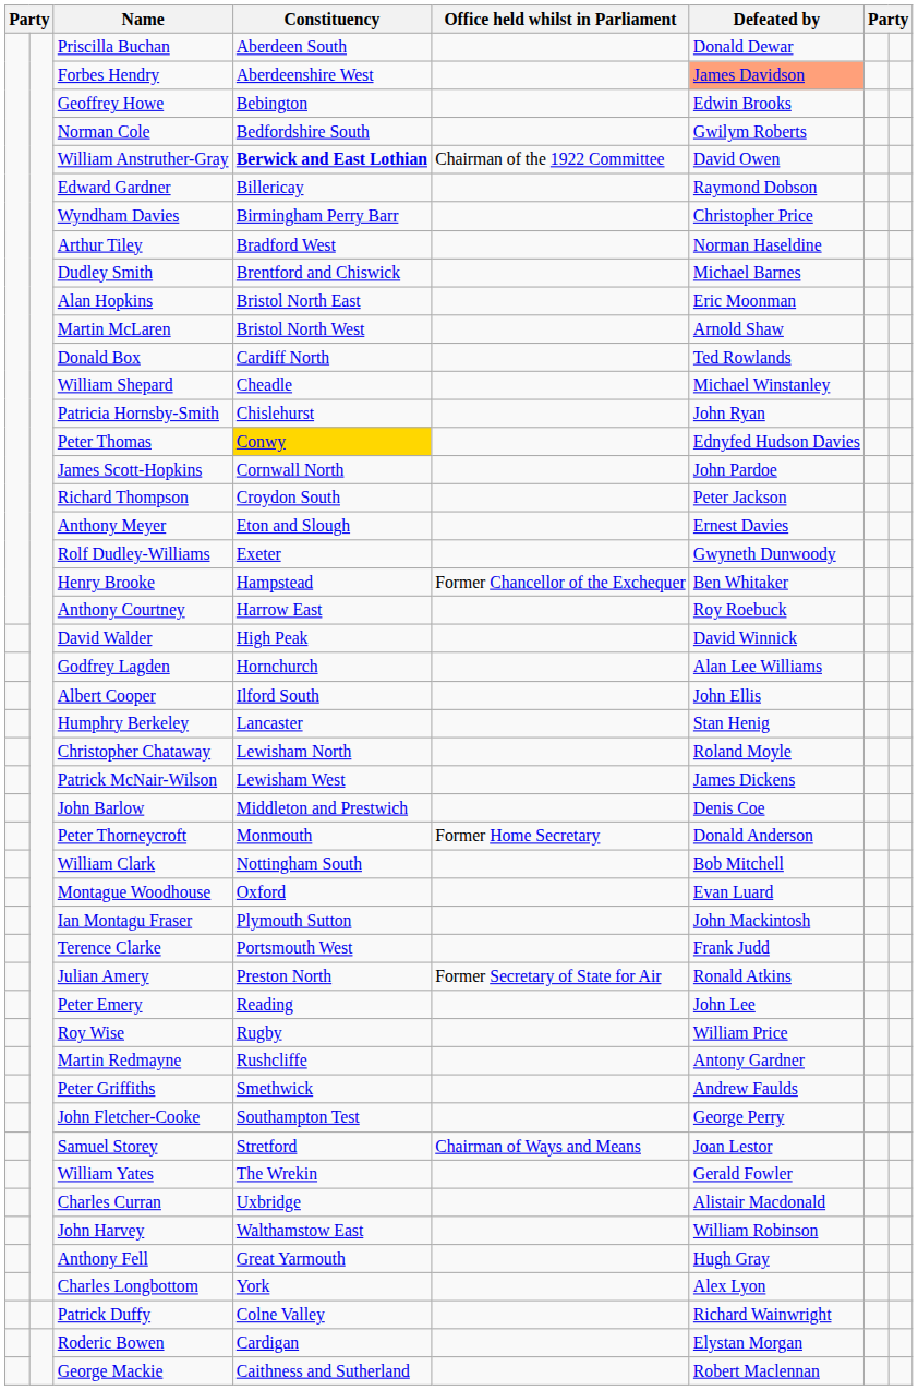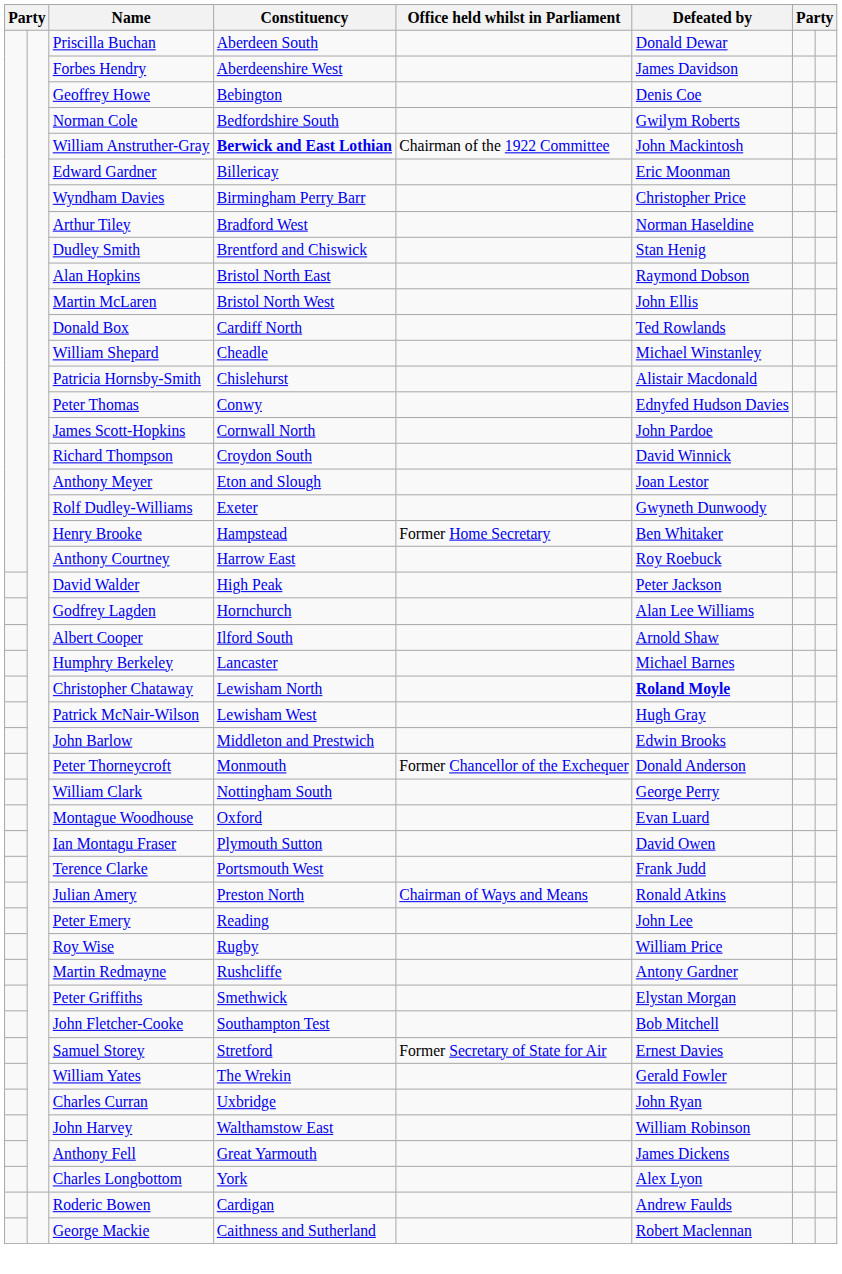 <table class="wikitable sortable" style="font-size: 95%;">
 <tr>
 <th colspan="2">Party</th>
 <th>Name</th>
 <th>Constituency</th>
 <th>Office held whilst in Parliament</th>
 <th>Defeated by</th>
 <th colspan="2">Party</th>
 </tr>
 <tr>
 <td rowspan="21" style="background-color: "></td>
 <td rowspan="45"></td>
 <td><a href='#'>Priscilla Buchan</a></td>
 <td><a href='#'>Aberdeen South</a></td>
 <td></td>
 <td><a href='#'>Donald Dewar</a></td>
 <td style="background-color: "></td>
 <td></td>
 </tr>
 <tr>
 <td><a href='#'>Forbes Hendry</a></td>
 <td><a href='#'>Aberdeenshire West</a></td>
 <td></td>
-<td style="background: lightsalmon;"><a href='#'>James Davidson</a></td>
+<td><a href='#'>James Davidson</a></td>
 <td style="background-color: "></td>
 <td></td>
 </tr>
 <tr>
 <td><a href='#'>Geoffrey Howe</a></td>
 <td><a href='#'>Bebington</a></td>
 <td></td>
-<td><a href='#'>Edwin Brooks</a></td>
+<td><a href='#'>Denis Coe</a></td>
 <td style="background-color: "></td>
 <td></td>
 </tr>
 <tr>
 <td><a href='#'>Norman Cole</a></td>
 <td><a href='#'>Bedfordshire South</a></td>
 <td></td>
 <td><a href='#'>Gwilym Roberts</a></td>
 <td style="background-color: "></td>
 <td></td>
 </tr>
 <tr>
 <td><a href='#'>William Anstruther-Gray</a></td>
 <td><strong><a href='#'>Berwick and East Lothian</a></strong></td>
 <td>Chairman of the <a href='#'>1922 Committee</a></td>
-<td><a href='#'>David Owen</a></td>
+<td><a href='#'>John Mackintosh</a></td>
 <td style="background-color: "></td>
 <td></td>
 </tr>
 <tr>
 <td><a href='#'>Edward Gardner</a></td>
 <td><a href='#'>Billericay</a></td>
 <td></td>
-<td><a href='#'>Raymond Dobson</a></td>
+<td><a href='#'>Eric Moonman</a></td>
 <td style="background-color: "></td>
 <td></td>
 </tr>
 <tr>
 <td><a href='#'>Wyndham Davies</a></td>
 <td><a href='#'>Birmingham Perry Barr</a></td>
 <td></td>
 <td><a href='#'>Christopher Price</a></td>
 <td style="background-color: "></td>
 <td></td>
 </tr>
 <tr>
 <td><a href='#'>Arthur Tiley</a></td>
 <td><a href='#'>Bradford West</a></td>
 <td></td>
 <td><a href='#'>Norman Haseldine</a></td>
 <td style="background-color: "></td>
 <td></td>
 </tr>
 <tr>
 <td><a href='#'>Dudley Smith</a></td>
 <td><a href='#'>Brentford and Chiswick</a></td>
 <td></td>
-<td><a href='#'>Michael Barnes</a></td>
+<td><a href='#'>Stan Henig</a></td>
 <td style="background-color: "></td>
 <td></td>
 </tr>
 <tr>
 <td><a href='#'>Alan Hopkins</a></td>
 <td><a href='#'>Bristol North East</a></td>
 <td></td>
-<td><a href='#'>Eric Moonman</a></td>
+<td><a href='#'>Raymond Dobson</a></td>
 <td style="background-color: "></td>
 <td></td>
 </tr>
 <tr>
 <td><a href='#'>Martin McLaren</a></td>
 <td><a href='#'>Bristol North West</a></td>
 <td></td>
-<td><a href='#'>Arnold Shaw</a></td>
+<td><a href='#'>John Ellis</a></td>
 <td style="background-color: "></td>
 <td></td>
 </tr>
 <tr>
 <td><a href='#'>Donald Box</a></td>
 <td><a href='#'>Cardiff North</a></td>
 <td></td>
 <td><a href='#'>Ted Rowlands</a></td>
 <td style="background-color: "></td>
 <td></td>
 </tr>
 <tr>
 <td><a href='#'>William Shepard</a></td>
 <td><a href='#'>Cheadle</a></td>
 <td></td>
 <td><a href='#'>Michael Winstanley</a></td>
 <td style="background-color: "></td>
 <td></td>
 </tr>
 <tr>
 <td><a href='#'>Patricia Hornsby-Smith</a></td>
 <td><a href='#'>Chislehurst</a></td>
 <td></td>
-<td><a href='#'>John Ryan</a></td>
+<td><a href='#'>Alistair Macdonald</a></td>
 <td style="background-color: "></td>
 <td></td>
 </tr>
 <tr>
 <td><a href='#'>Peter Thomas</a></td>
-<td style="background: gold;"><a href='#'>Conwy</a></td>
+<td><a href='#'>Conwy</a></td>
 <td></td>
 <td><a href='#'>Ednyfed Hudson Davies</a></td>
 <td style="background-color: "></td>
 <td></td>
 </tr>
 <tr>
 <td><a href='#'>James Scott-Hopkins</a></td>
 <td><a href='#'>Cornwall North</a></td>
 <td></td>
 <td><a href='#'>John Pardoe</a></td>
 <td style="background-color: "></td>
 <td></td>
 </tr>
 <tr>
 <td><a href='#'>Richard Thompson</a></td>
 <td><a href='#'>Croydon South</a></td>
 <td></td>
-<td><a href='#'>Peter Jackson</a></td>
+<td><a href='#'>David Winnick</a></td>
 <td style="background-color: "></td>
 <td></td>
 </tr>
 <tr>
 <td><a href='#'>Anthony Meyer</a></td>
 <td><a href='#'>Eton and Slough</a></td>
 <td></td>
-<td><a href='#'>Ernest Davies</a></td>
+<td><a href='#'>Joan Lestor</a></td>
 <td style="background-color: "></td>
 <td></td>
 </tr>
 <tr>
 <td><a href='#'>Rolf Dudley-Williams</a></td>
 <td><a href='#'>Exeter</a></td>
 <td></td>
 <td><a href='#'>Gwyneth Dunwoody</a></td>
 <td style="background-color: "></td>
 <td></td>
 </tr>
 <tr>
 <td><a href='#'>Henry Brooke</a></td>
 <td><a href='#'>Hampstead</a></td>
-<td>Former <a href='#'>Chancellor of the Exchequer</a></td>
+<td>Former <a href='#'>Home Secretary</a></td>
 <td><a href='#'>Ben Whitaker</a></td>
 <td style="background-color: "></td>
 <td></td>
 </tr>
 <tr>
 <td><a href='#'>Anthony Courtney</a></td>
 <td><a href='#'>Harrow East</a></td>
 <td></td>
 <td><a href='#'>Roy Roebuck</a></td>
 <td style="background-color: "></td>
 <td></td>
 </tr>
 <tr>
 <td style="background-color: "></td>
 <td><a href='#'>David Walder</a></td>
 <td><a href='#'>High Peak</a></td>
 <td></td>
-<td><a href='#'>David Winnick</a></td>
+<td><a href='#'>Peter Jackson</a></td>
 <td style="background-color: "></td>
 <td></td>
 </tr>
 <tr>
 <td style="background-color: "></td>
 <td><a href='#'>Godfrey Lagden</a></td>
 <td><a href='#'>Hornchurch</a></td>
 <td></td>
 <td><a href='#'>Alan Lee Williams</a></td>
 <td style="background-color: "></td>
 <td></td>
 </tr>
 <tr>
 <td style="background-color: "></td>
 <td><a href='#'>Albert Cooper</a></td>
 <td><a href='#'>Ilford South</a></td>
 <td></td>
-<td><a href='#'>John Ellis</a></td>
+<td><a href='#'>Arnold Shaw</a></td>
 <td style="background-color: "></td>
 <td></td>
 </tr>
 <tr>
 <td style="background-color: "></td>
 <td><a href='#'>Humphry Berkeley</a></td>
 <td><a href='#'>Lancaster</a></td>
 <td></td>
-<td><a href='#'>Stan Henig</a></td>
+<td><a href='#'>Michael Barnes</a></td>
 <td style="background-color: "></td>
 <td></td>
 </tr>
 <tr>
 <td style="background-color: "></td>
 <td><a href='#'>Christopher Chataway</a></td>
 <td><a href='#'>Lewisham North</a></td>
 <td></td>
-<td><a href='#'>Roland Moyle</a></td>
+<td><strong><a href='#'>Roland Moyle</a></strong></td>
 <td style="background-color: "></td>
 <td></td>
 </tr>
 <tr>
 <td style="background-color: "></td>
 <td><a href='#'>Patrick McNair-Wilson</a></td>
 <td><a href='#'>Lewisham West</a></td>
 <td></td>
-<td><a href='#'>James Dickens</a></td>
+<td><a href='#'>Hugh Gray</a></td>
 <td style="background-color: "></td>
 <td></td>
 </tr>
 <tr>
 <td style="background-color: "></td>
 <td><a href='#'>John Barlow</a></td>
 <td><a href='#'>Middleton and Prestwich</a></td>
 <td></td>
-<td><a href='#'>Denis Coe</a></td>
+<td><a href='#'>Edwin Brooks</a></td>
 <td style="background-color: "></td>
 <td></td>
 </tr>
 <tr>
 <td style="background-color: "></td>
 <td><a href='#'>Peter Thorneycroft</a></td>
 <td><a href='#'>Monmouth</a></td>
-<td>Former <a href='#'>Home Secretary</a></td>
+<td>Former <a href='#'>Chancellor of the Exchequer</a></td>
 <td><a href='#'>Donald Anderson</a></td>
 <td style="background-color: "></td>
 <td></td>
 </tr>
 <tr>
 <td style="background-color: "></td>
 <td><a href='#'>William Clark</a></td>
 <td><a href='#'>Nottingham South</a></td>
 <td></td>
-<td><a href='#'>Bob Mitchell</a></td>
+<td><a href='#'>George Perry</a></td>
 <td style="background-color: "></td>
 <td></td>
 </tr>
 <tr>
 <td style="background-color: "></td>
 <td><a href='#'>Montague Woodhouse</a></td>
 <td><a href='#'>Oxford</a></td>
 <td></td>
 <td><a href='#'>Evan Luard</a></td>
 <td style="background-color: "></td>
 <td></td>
 </tr>
 <tr>
 <td style="background-color: "></td>
 <td><a href='#'>Ian Montagu Fraser</a></td>
 <td><a href='#'>Plymouth Sutton</a></td>
 <td></td>
-<td><a href='#'>John Mackintosh</a></td>
+<td><a href='#'>David Owen</a></td>
 <td style="background-color: "></td>
 <td></td>
 </tr>
 <tr>
 <td style="background-color: "></td>
 <td><a href='#'>Terence Clarke</a></td>
 <td><a href='#'>Portsmouth West</a></td>
 <td></td>
 <td><a href='#'>Frank Judd</a></td>
 <td style="background-color: "></td>
 <td></td>
 </tr>
 <tr>
 <td style="background-color: "></td>
 <td><a href='#'>Julian Amery</a></td>
 <td><a href='#'>Preston North</a></td>
-<td>Former <a href='#'>Secretary of State for Air</a></td>
+<td><a href='#'>Chairman of Ways and Means</a></td>
 <td><a href='#'>Ronald Atkins</a></td>
 <td style="background-color: "></td>
 <td></td>
 </tr>
 <tr>
 <td style="background-color: "></td>
 <td><a href='#'>Peter Emery</a></td>
 <td><a href='#'>Reading</a></td>
 <td></td>
 <td><a href='#'>John Lee</a></td>
 <td style="background-color: "></td>
 <td></td>
 </tr>
 <tr>
 <td style="background-color: "></td>
 <td><a href='#'>Roy Wise</a></td>
 <td><a href='#'>Rugby</a></td>
 <td></td>
 <td><a href='#'>William Price</a></td>
 <td style="background-color: "></td>
 <td></td>
 </tr>
 <tr>
 <td style="background-color: "></td>
 <td><a href='#'>Martin Redmayne</a></td>
 <td><a href='#'>Rushcliffe</a></td>
 <td></td>
 <td><a href='#'>Antony Gardner</a></td>
 <td style="background-color: "></td>
 <td></td>
 </tr>
 <tr>
 <td style="background-color: "></td>
 <td><a href='#'>Peter Griffiths</a></td>
 <td><a href='#'>Smethwick</a></td>
 <td></td>
-<td><a href='#'>Andrew Faulds</a></td>
+<td><a href='#'>Elystan Morgan</a></td>
 <td style="background-color: "></td>
 <td></td>
 </tr>
 <tr>
 <td style="background-color: "></td>
 <td><a href='#'>John Fletcher-Cooke</a></td>
 <td><a href='#'>Southampton Test</a></td>
 <td></td>
-<td><a href='#'>George Perry</a></td>
+<td><a href='#'>Bob Mitchell</a></td>
 <td style="background-color: "></td>
 <td></td>
 </tr>
 <tr>
 <td style="background-color: "></td>
 <td><a href='#'>Samuel Storey</a></td>
 <td><a href='#'>Stretford</a></td>
-<td><a href='#'>Chairman of Ways and Means</a></td>
-<td><a href='#'>Joan Lestor</a></td>
+<td>Former <a href='#'>Secretary of State for Air</a></td>
+<td><a href='#'>Ernest Davies</a></td>
 <td style="background-color: "></td>
 <td></td>
 </tr>
 <tr>
 <td style="background-color: "></td>
 <td><a href='#'>William Yates</a></td>
 <td><a href='#'>The Wrekin</a></td>
 <td></td>
 <td><a href='#'>Gerald Fowler</a></td>
 <td style="background-color: "></td>
 <td></td>
 </tr>
 <tr>
 <td style="background-color: "></td>
 <td><a href='#'>Charles Curran</a></td>
 <td><a href='#'>Uxbridge</a></td>
 <td></td>
-<td><a href='#'>Alistair Macdonald</a></td>
+<td><a href='#'>John Ryan</a></td>
 <td style="background-color: "></td>
 <td></td>
 </tr>
 <tr>
 <td style="background-color: "></td>
 <td><a href='#'>John Harvey</a></td>
 <td><a href='#'>Walthamstow East</a></td>
 <td></td>
 <td><a href='#'>William Robinson</a></td>
 <td style="background-color: "></td>
 <td></td>
 </tr>
 <tr>
 <td style="background-color: "></td>
 <td><a href='#'>Anthony Fell</a></td>
 <td><a href='#'>Great Yarmouth</a></td>
 <td></td>
-<td><a href='#'>Hugh Gray</a></td>
+<td><a href='#'>James Dickens</a></td>
 <td style="background-color: "></td>
 <td></td>
 </tr>
 <tr>
 <td style="background-color: "></td>
 <td><a href='#'>Charles Longbottom</a></td>
 <td><a href='#'>York</a></td>
 <td></td>
 <td><a href='#'>Alex Lyon</a></td>
 <td style="background-color: "></td>
 <td></td>
 </tr>
 <tr>
-<td rowspan="1" style="background-color: "></td>
-<td rowspan="1"></td>
-<td><a href='#'>Patrick Duffy</a></td>
-<td><a href='#'>Colne Valley</a></td>
-<td></td>
-<td><a href='#'>Richard Wainwright</a></td>
-<td style="background-color: "></td>
-<td></td>
-</tr>
-<tr>
 <td style="background-color: "></td>
 <td rowspan="2"></td>
 <td><a href='#'>Roderic Bowen</a></td>
 <td><a href='#'>Cardigan</a></td>
 <td></td>
-<td><a href='#'>Elystan Morgan</a></td>
+<td><a href='#'>Andrew Faulds</a></td>
 <td style="background-color: "></td>
 <td></td>
 </tr>
 <tr>
 <td style="background-color: "></td>
 <td><a href='#'>George Mackie</a></td>
 <td><a href='#'>Caithness and Sutherland</a></td>
 <td></td>
 <td><a href='#'>Robert Maclennan</a></td>
 <td style="background-color: "></td>
 <td></td>
 </tr>
 </table>
